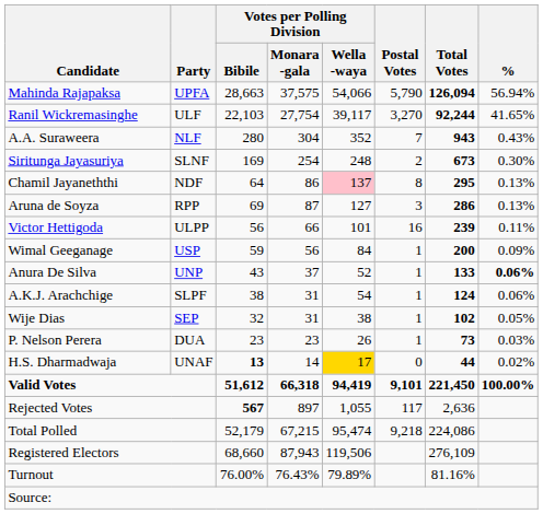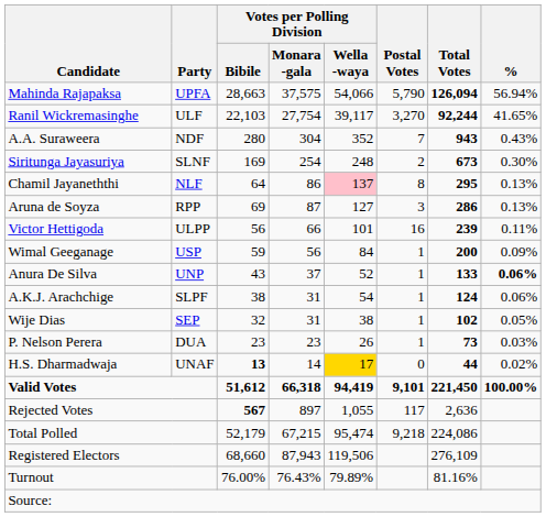 <table class="wikitable" border="1" style="text-align:right;">
 <tr>
 <th align=left valign=bottom rowspan=2 width="180">Candidate</th>
 <th align=left valign=bottom rowspan=2 width="40">Party</th>
 <th colspan=3>Votes per Polling Division</th>
 <th align=center valign=bottom rowspan=2 width="50">Postal<br>Votes</th>
 <th align=center valign=bottom rowspan=2 width="50">Total Votes</th>
 <th align=center valign=bottom rowspan=2 width="50">%</th>
 </tr>
 <tr>
 <th align=center valign=bottom width="50">Bibile</th>
 <th align=center valign=bottom width="50">Monara<br>-gala</th>
 <th align=center valign=bottom width="50">Wella<br>-waya</th>
 </tr>
 <tr>
 <td align=left><a href='#'>Mahinda Rajapaksa</a></td>
 <td align=left><a href='#'>UPFA</a></td>
 <td>28,663</td>
 <td>37,575</td>
 <td>54,066</td>
 <td>5,790</td>
 <td><strong>126,094</strong></td>
 <td>56.94%</td>
 </tr>
 <tr>
 <td align=left><a href='#'>Ranil Wickremasinghe</a></td>
 <td align=left>ULF</td>
 <td>22,103</td>
 <td>27,754</td>
 <td>39,117</td>
 <td>3,270</td>
 <td><strong>92,244</strong></td>
 <td>41.65%</td>
 </tr>
 <tr>
 <td align=left>A.A. Suraweera</td>
-<td align=left><a href='#'>NLF</a></td>
+<td align=left>NDF</td>
 <td>280</td>
 <td>304</td>
 <td>352</td>
 <td>7</td>
 <td><strong>943</strong></td>
 <td>0.43%</td>
 </tr>
 <tr>
 <td align=left><a href='#'>Siritunga Jayasuriya</a></td>
 <td align=left>SLNF</td>
 <td>169</td>
 <td>254</td>
 <td>248</td>
 <td>2</td>
 <td><strong>673</strong></td>
 <td>0.30%</td>
 </tr>
 <tr>
 <td align=left>Chamil Jayaneththi</td>
-<td align=left>NDF</td>
+<td align=left><a href='#'>NLF</a></td>
 <td>64</td>
 <td>86</td>
 <td style="background: pink;">137</td>
 <td>8</td>
 <td><strong>295</strong></td>
 <td>0.13%</td>
 </tr>
 <tr>
 <td align=left>Aruna de Soyza</td>
 <td align=left>RPP</td>
 <td>69</td>
 <td>87</td>
 <td>127</td>
 <td>3</td>
 <td><strong>286</strong></td>
 <td>0.13%</td>
 </tr>
 <tr>
 <td align=left><a href='#'>Victor Hettigoda</a></td>
 <td align=left>ULPP</td>
 <td>56</td>
 <td>66</td>
 <td>101</td>
 <td>16</td>
 <td><strong>239</strong></td>
 <td>0.11%</td>
 </tr>
 <tr>
 <td align=left>Wimal Geeganage</td>
 <td align=left><a href='#'>USP</a></td>
 <td>59</td>
 <td>56</td>
 <td>84</td>
 <td>1</td>
 <td><strong>200</strong></td>
 <td>0.09%</td>
 </tr>
 <tr>
 <td align=left>Anura De Silva</td>
 <td align=left><a href='#'>UNP</a></td>
 <td>43</td>
 <td>37</td>
 <td>52</td>
 <td>1</td>
 <td><strong>133</strong></td>
 <td><strong>0.06%</strong></td>
 </tr>
 <tr>
 <td align=left>A.K.J. Arachchige</td>
 <td align=left>SLPF</td>
 <td>38</td>
 <td>31</td>
 <td>54</td>
 <td>1</td>
 <td><strong>124</strong></td>
 <td>0.06%</td>
 </tr>
 <tr>
 <td align=left>Wije Dias</td>
 <td align=left><a href='#'>SEP</a></td>
 <td>32</td>
 <td>31</td>
 <td>38</td>
 <td>1</td>
 <td><strong>102</strong></td>
 <td>0.05%</td>
 </tr>
 <tr>
 <td align=left>P. Nelson Perera</td>
 <td align=left>DUA</td>
 <td>23</td>
 <td>23</td>
 <td>26</td>
 <td>1</td>
 <td><strong>73</strong></td>
 <td>0.03%</td>
 </tr>
 <tr>
 <td align=left>H.S. Dharmadwaja</td>
 <td align=left>UNAF</td>
 <td><strong>13</strong></td>
 <td>14</td>
 <td style="background: gold;">17</td>
 <td>0</td>
 <td><strong>44</strong></td>
 <td>0.02%</td>
 </tr>
 <tr>
 <td align=left colspan=2><strong>Valid Votes</strong></td>
 <td><strong>51,612</strong></td>
 <td><strong>66,318</strong></td>
 <td><strong>94,419</strong></td>
 <td><strong>9,101</strong></td>
 <td><strong>221,450</strong></td>
 <td><strong>100.00%</strong></td>
 </tr>
 <tr>
 <td align=left colspan=2>Rejected Votes</td>
 <td><strong>567</strong></td>
 <td>897</td>
 <td>1,055</td>
 <td>117</td>
 <td>2,636</td>
 <td></td>
 </tr>
 <tr>
 <td align=left colspan=2>Total Polled</td>
 <td>52,179</td>
 <td>67,215</td>
 <td>95,474</td>
 <td>9,218</td>
 <td>224,086</td>
 <td></td>
 </tr>
 <tr>
 <td align=left colspan=2>Registered Electors</td>
 <td>68,660</td>
 <td>87,943</td>
 <td>119,506</td>
 <td></td>
 <td>276,109</td>
 <td></td>
 </tr>
 <tr>
 <td align=left colspan=2>Turnout</td>
 <td>76.00%</td>
 <td>76.43%</td>
 <td>79.89%</td>
 <td></td>
 <td>81.16%</td>
 <td></td>
 </tr>
 <tr>
 <td align=left colspan=8>Source:</td>
 </tr>
 </table>
